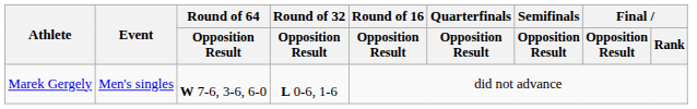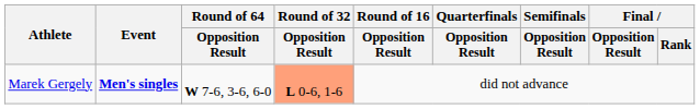 <table class="wikitable" style="font-size:90%;">
 <tr>
 <th rowspan=2>Athlete</th>
 <th rowspan=2>Event</th>
 <th>Round of 64</th>
 <th>Round of 32</th>
 <th>Round of 16</th>
 <th>Quarterfinals</th>
 <th>Semifinals</th>
 <th colspan=2>Final / </th>
 </tr>
 <tr style="font-size:95%">
 <th>Opposition<br>Result</th>
 <th>Opposition<br>Result</th>
 <th>Opposition<br>Result</th>
 <th>Opposition<br>Result</th>
 <th>Opposition<br>Result</th>
 <th>Opposition<br>Result</th>
 <th>Rank</th>
 </tr>
 <tr align=center>
 <td align=left><a href='#'>Marek Gergely</a></td>
-<td align=left><a href='#'>Men's singles</a></td>
+<td align=left><strong><a href='#'>Men's singles</a></strong></td>
 <td><br><strong>W</strong> 7-6, 3-6, 6-0</td>
-<td><br><strong>L</strong> 0-6, 1-6</td>
+<td style="background: lightsalmon;"><br><strong>L</strong> 0-6, 1-6</td>
 <td colspan=5>did not advance</td>
 </tr>
 </table>
